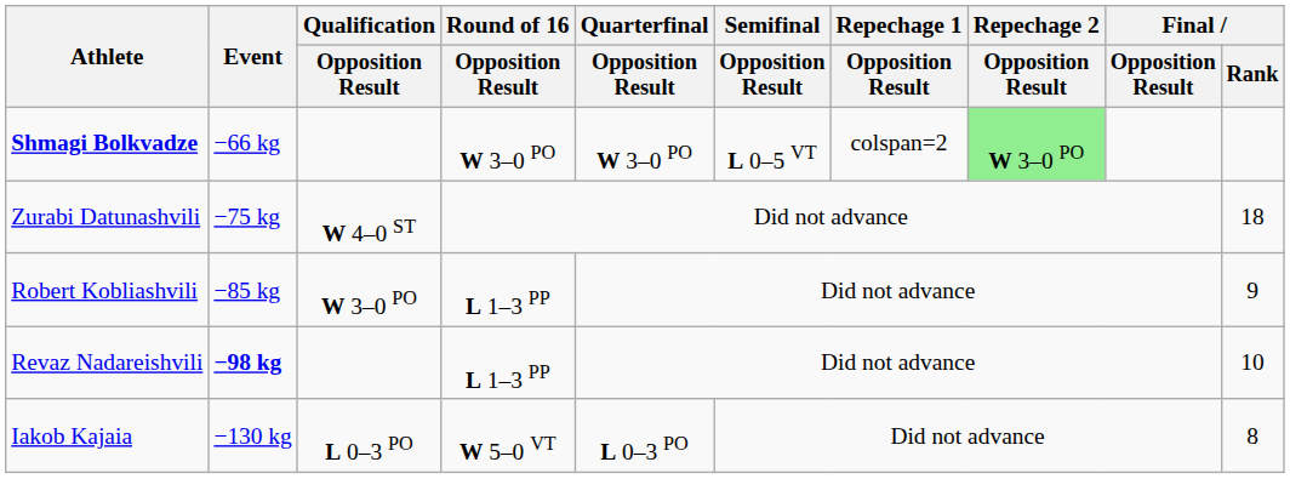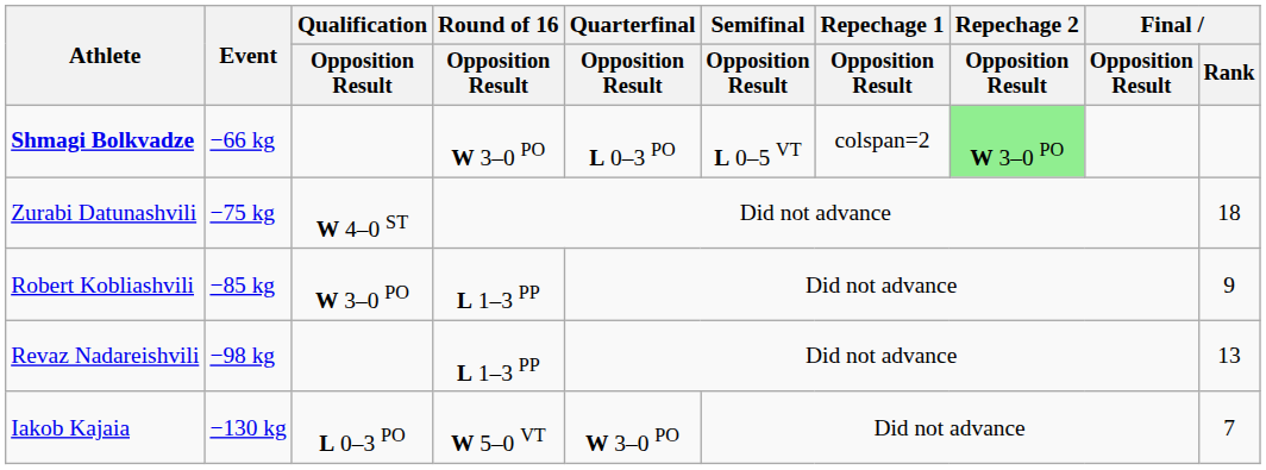 <table class="wikitable" style="font-size:90%">
 <tr>
 <th rowspan=2>Athlete</th>
 <th rowspan=2>Event</th>
 <th>Qualification</th>
 <th>Round of 16</th>
 <th>Quarterfinal</th>
 <th>Semifinal</th>
 <th>Repechage 1</th>
 <th>Repechage 2</th>
 <th colspan=2>Final / </th>
 </tr>
 <tr style="font-size: 95%">
 <th>Opposition<br>Result</th>
 <th>Opposition<br>Result</th>
 <th>Opposition<br>Result</th>
 <th>Opposition<br>Result</th>
 <th>Opposition<br>Result</th>
 <th>Opposition<br>Result</th>
 <th>Opposition<br>Result</th>
 <th>Rank</th>
 </tr>
 <tr align=center>
 <td align=left><strong><a href='#'>Shmagi Bolkvadze</a></strong></td>
 <td align=left><a href='#'>−66 kg</a></td>
 <td></td>
 <td><br><strong>W</strong> 3–0 <sup>PO</sup></td>
-<td><br><strong>W</strong> 3–0 <sup>PO</sup></td>
+<td><br><strong>L</strong> 0–3 <sup>PO</sup></td>
 <td><br><strong>L</strong> 0–5 <sup>VT</sup></td>
 <td>colspan=2 </td>
 <td style="background: lightgreen;"><br><strong>W</strong> 3–0 <sup>PO</sup></td>
 <td></td>
 </tr>
 <tr align=center>
 <td align=left><a href='#'>Zurabi Datunashvili</a></td>
 <td align=left><a href='#'>−75 kg</a></td>
 <td><br><strong>W</strong> 4–0 <sup>ST</sup></td>
 <td colspan=6>Did not advance</td>
 <td>18</td>
 </tr>
 <tr align=center>
 <td align=left><a href='#'>Robert Kobliashvili</a></td>
 <td align=left><a href='#'>−85 kg</a></td>
 <td><br><strong>W</strong> 3–0 <sup>PO</sup></td>
 <td><br><strong>L</strong> 1–3 <sup>PP</sup></td>
 <td colspan=5>Did not advance</td>
 <td>9</td>
 </tr>
 <tr align=center>
 <td align=left><a href='#'>Revaz Nadareishvili</a></td>
-<td align=left><strong><a href='#'>−98 kg</a></strong></td>
+<td align=left><a href='#'>−98 kg</a></td>
 <td></td>
 <td><br><strong>L</strong> 1–3 <sup>PP</sup></td>
 <td colspan=5>Did not advance</td>
-<td>10</td>
+<td>13</td>
 </tr>
 <tr align=center>
 <td align=left><a href='#'>Iakob Kajaia</a></td>
 <td align=left><a href='#'>−130 kg</a></td>
 <td><br><strong>L</strong> 0–3 <sup>PO</sup></td>
 <td><br><strong>W</strong> 5–0 <sup>VT</sup></td>
-<td><br><strong>L</strong> 0–3 <sup>PO</sup></td>
+<td><br><strong>W</strong> 3–0 <sup>PO</sup></td>
 <td colspan=4>Did not advance</td>
-<td>8</td>
+<td>7</td>
 </tr>
 </table>
